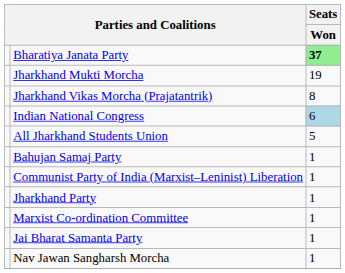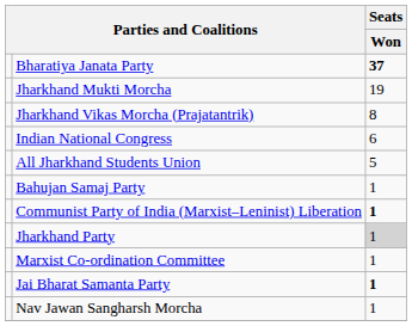 <table class="wikitable sortable">
 <tr>
 <th colspan="2" rowspan="2" width="150">Parties and Coalitions</th>
 <th>Seats</th>
 </tr>
 <tr>
 <th>Won</th>
 </tr>
 <tr>
 <td style="background-color:"></td>
 <td><a href='#'>Bharatiya Janata Party</a></td>
-<td style="background: lightgreen;"><strong>37</strong></td>
+<td><strong>37</strong></td>
 </tr>
 <tr>
 <td style="background-color: "></td>
 <td><a href='#'>Jharkhand Mukti Morcha</a></td>
 <td>19</td>
 </tr>
 <tr>
 <td style="background-color: "></td>
 <td><a href='#'>Jharkhand Vikas Morcha (Prajatantrik)</a></td>
 <td>8</td>
 </tr>
 <tr>
 <td style="background-color: "></td>
 <td><a href='#'>Indian National Congress</a></td>
-<td style="background: lightblue;">6</td>
+<td>6</td>
 </tr>
 <tr>
 <td style="background-color: "></td>
 <td><a href='#'>All Jharkhand Students Union</a></td>
 <td>5</td>
 </tr>
 <tr>
 <td style="background-color: "></td>
 <td><a href='#'>Bahujan Samaj Party</a></td>
 <td>1</td>
 </tr>
 <tr>
 <td style="background-color: "></td>
 <td><a href='#'>Communist Party of India (Marxist–Leninist) Liberation</a></td>
-<td>1</td>
+<td><strong>1</strong></td>
 </tr>
 <tr>
 <td style="background-color: "></td>
 <td><a href='#'>Jharkhand Party</a></td>
-<td>1</td>
+<td style="background: lightgrey;">1</td>
 </tr>
 <tr>
 <td style="background-color: "></td>
 <td><a href='#'>Marxist Co-ordination Committee</a></td>
 <td>1</td>
 </tr>
 <tr>
 <td style="background-color: "></td>
 <td><a href='#'>Jai Bharat Samanta Party</a></td>
-<td>1</td>
+<td><strong>1</strong></td>
 </tr>
 <tr>
 <td style="background-color: "></td>
 <td>Nav Jawan Sangharsh Morcha</td>
 <td>1</td>
 </tr>
 <tr>
 </tr>
 </table>
